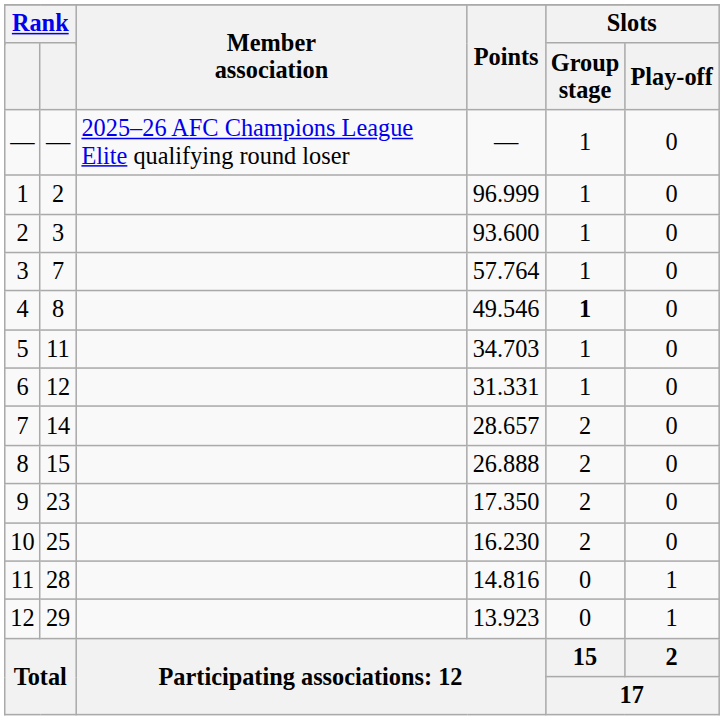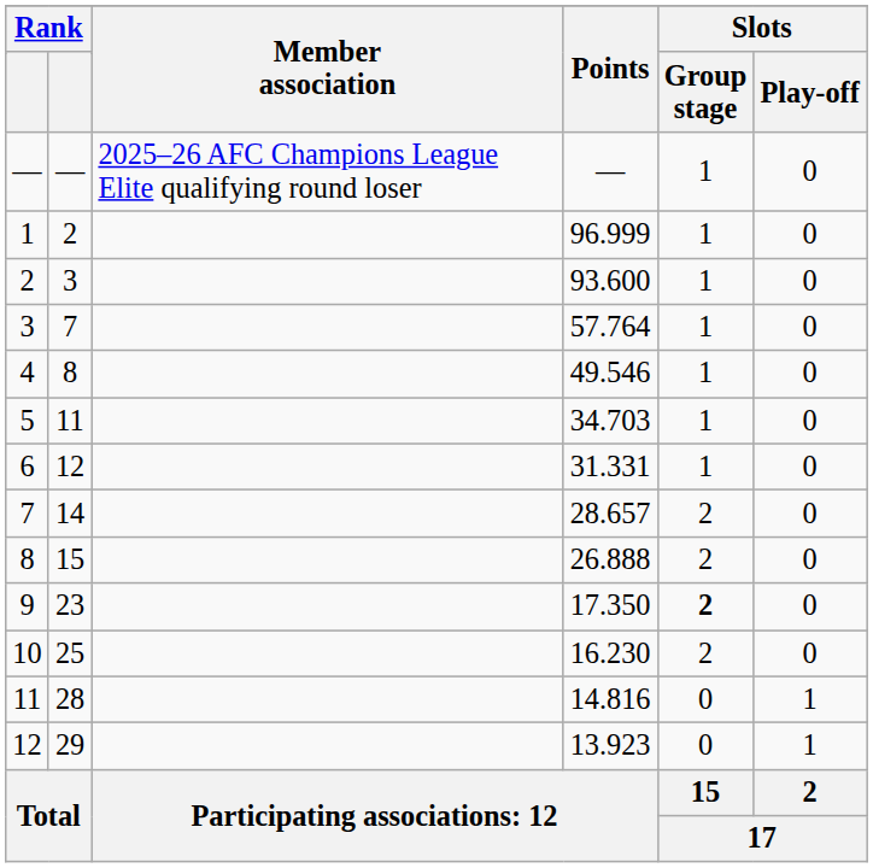 <table class="wikitable" style="text-align:center">
 <tr>
 </tr>
 <tr>
 <th colspan=2 rowspan=2><a href='#'>Rank</a></th>
 <th rowspan=3 width=250>Member<br>association</th>
 <th rowspan=3>Points</th>
 <th colspan=3>Slots</th>
 </tr>
 <tr>
 <th rowspan=2>Group<br>stage</th>
 <th rowspan=2>Play-off</th>
 </tr>
 <tr>
 <th></th>
 <th></th>
 </tr>
 <tr bgcolor=>
 <td>—</td>
 <td>—</td>
 <td align=left><a href='#'>2025–26 AFC Champions League Elite</a> qualifying round loser</td>
 <td>—</td>
 <td>1</td>
 <td>0</td>
 </tr>
 <tr bgcolor=>
 <td>1</td>
 <td>2</td>
 <td align=left></td>
 <td>96.999</td>
 <td>1</td>
 <td>0</td>
 </tr>
 <tr bgcolor=>
 <td>2</td>
 <td>3</td>
 <td align=left></td>
 <td>93.600</td>
 <td>1</td>
 <td>0</td>
 </tr>
 <tr bgcolor=>
 <td>3</td>
 <td>7</td>
 <td align=left></td>
 <td>57.764</td>
 <td>1</td>
 <td>0</td>
 </tr>
 <tr bgcolor=>
 <td>4</td>
 <td>8</td>
 <td align=left></td>
 <td>49.546</td>
-<td><strong>1</strong></td>
+<td>1</td>
 <td>0</td>
 </tr>
 <tr bgcolor=>
 <td>5</td>
 <td>11</td>
 <td align=left></td>
 <td>34.703</td>
 <td>1</td>
 <td>0</td>
 </tr>
 <tr bgcolor=>
 <td>6</td>
 <td>12</td>
 <td align=left></td>
 <td>31.331</td>
 <td>1</td>
 <td>0</td>
 </tr>
 <tr bgcolor=>
 <td>7</td>
 <td>14</td>
 <td align=left></td>
 <td>28.657</td>
 <td>2</td>
 <td>0</td>
 </tr>
 <tr bgcolor=>
 <td>8</td>
 <td>15</td>
 <td align=left></td>
 <td>26.888</td>
 <td>2</td>
 <td>0</td>
 </tr>
 <tr bgcolor=>
 <td>9</td>
 <td>23</td>
 <td align=left></td>
 <td>17.350</td>
-<td>2</td>
+<td><strong>2</strong></td>
 <td>0</td>
 </tr>
 <tr bgcolor=>
 <td>10</td>
 <td>25</td>
 <td align=left></td>
 <td>16.230</td>
 <td>2</td>
 <td>0</td>
 </tr>
 <tr bgcolor=>
 <td>11</td>
 <td>28</td>
 <td align=left></td>
 <td>14.816</td>
 <td>0</td>
 <td>1</td>
 </tr>
 <tr bgcolor=>
 <td>12</td>
 <td>29</td>
 <td align=left></td>
 <td>13.923</td>
 <td>0</td>
 <td>1</td>
 </tr>
 <tr>
 <th colspan=2 rowspan=2>Total</th>
 <th colspan=2 rowspan=2>Participating associations: 12</th>
 <th>15</th>
 <th>2</th>
 </tr>
 <tr>
 <th colspan=2>17</th>
 </tr>
 </table>
